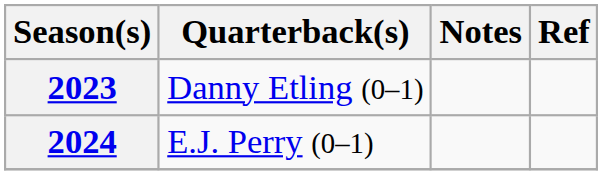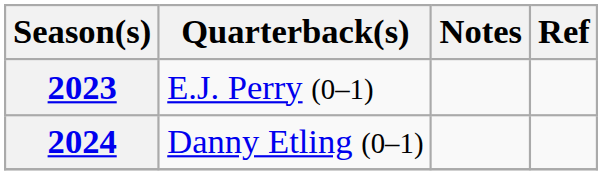 <table class="wikitable plainrowheaders">
 <tr>
 <th>Season(s)</th>
 <th>Quarterback(s)</th>
 <th>Notes</th>
 <th>Ref</th>
 </tr>
 <tr>
 <th scope="row"><a href='#'>2023</a></th>
-<td><a href='#'>Danny Etling</a> <small>(0–1)</small></td>
+<td><a href='#'>E.J. Perry</a> <small>(0–1)</small></td>
 <td></td>
 <td></td>
 </tr>
 <tr>
 <th scope="row"><a href='#'>2024</a></th>
-<td><a href='#'>E.J. Perry</a> <small>(0–1)</small></td>
+<td><a href='#'>Danny Etling</a> <small>(0–1)</small></td>
 <td></td>
 <td></td>
 </tr>
 <tr>
 </tr>
 </table>
